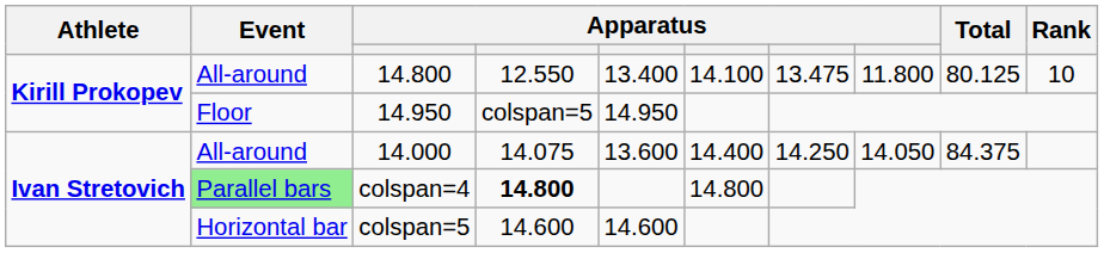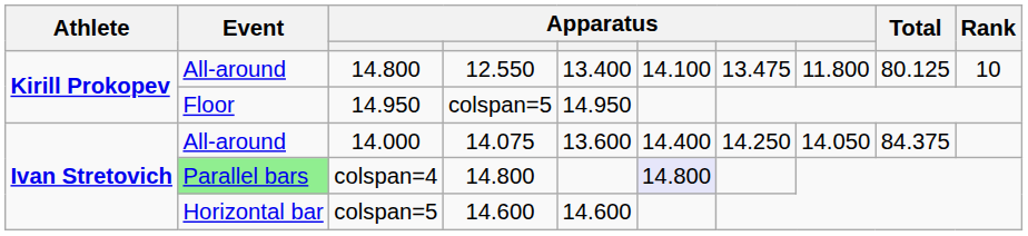 <table class="wikitable" style="text-align:center; font-size:90%">
 <tr>
 <th rowspan=2>Athlete</th>
 <th rowspan=2>Event</th>
 <th colspan=6>Apparatus</th>
 <th rowspan=2>Total</th>
 <th rowspan=2>Rank</th>
 </tr>
 <tr style="font-size:95%">
 <th></th>
 <th></th>
 <th></th>
 <th></th>
 <th></th>
 <th></th>
 </tr>
 <tr>
 <td rowspan=2 align=left><strong><a href='#'>Kirill Prokopev</a></strong></td>
 <td align=left><a href='#'>All-around</a></td>
 <td>14.800</td>
 <td>12.550</td>
 <td>13.400</td>
 <td>14.100</td>
 <td>13.475</td>
 <td>11.800</td>
 <td>80.125</td>
 <td>10</td>
 </tr>
 <tr>
 <td align=left><a href='#'>Floor</a></td>
 <td>14.950</td>
 <td>colspan=5 </td>
 <td>14.950</td>
 <td></td>
 </tr>
 <tr>
 <td rowspan=3 align=left><strong><a href='#'>Ivan Stretovich</a></strong></td>
 <td align=left><a href='#'>All-around</a></td>
 <td>14.000</td>
 <td>14.075</td>
 <td>13.600</td>
 <td>14.400</td>
 <td>14.250</td>
 <td>14.050</td>
 <td>84.375</td>
 <td></td>
 </tr>
 <tr>
 <td align=left style="background: lightgreen;"><a href='#'>Parallel bars</a></td>
 <td>colspan=4 </td>
-<td><strong>14.800</strong></td>
+<td>14.800</td>
 <td></td>
-<td>14.800</td>
+<td style="background: lavender;">14.800</td>
 <td></td>
 </tr>
 <tr>
 <td align=left><a href='#'>Horizontal bar</a></td>
 <td>colspan=5 </td>
 <td>14.600</td>
 <td>14.600</td>
 <td></td>
 </tr>
 </table>
